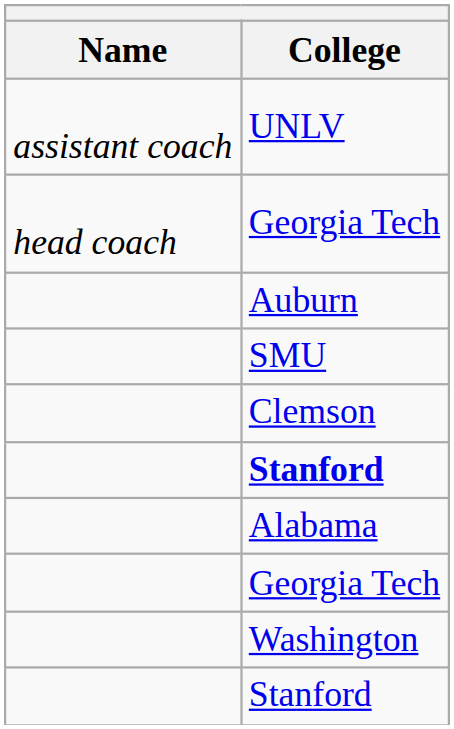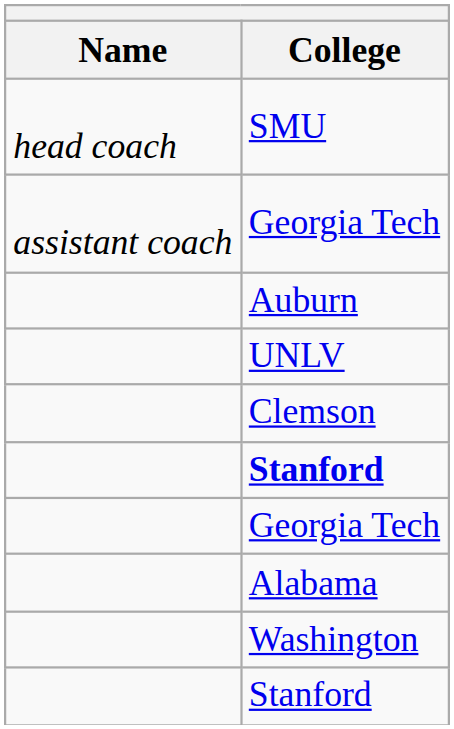 <table class="wikitable sortable">
 <tr>
 <th colspan=2></th>
 </tr>
 <tr>
 <th>Name</th>
 <th>College</th>
 </tr>
 <tr>
-<td><br><em>assistant coach</em></td>
-<td><a href='#'>UNLV</a></td>
+<td><br><em>head coach</em></td>
+<td><a href='#'>SMU</a></td>
 </tr>
 <tr>
-<td><br><em>head coach</em></td>
+<td><br><em>assistant coach</em></td>
 <td><a href='#'>Georgia Tech</a></td>
 </tr>
 <tr>
 <td></td>
 <td><a href='#'>Auburn</a></td>
 </tr>
 <tr>
 <td></td>
-<td><a href='#'>SMU</a></td>
+<td><a href='#'>UNLV</a></td>
 </tr>
 <tr>
 <td></td>
 <td><a href='#'>Clemson</a></td>
 </tr>
 <tr>
 <td></td>
 <td><strong><a href='#'>Stanford</a></strong></td>
 </tr>
 <tr>
 <td></td>
-<td><a href='#'>Alabama</a></td>
+<td><a href='#'>Georgia Tech</a></td>
 </tr>
 <tr>
 <td></td>
-<td><a href='#'>Georgia Tech</a></td>
+<td><a href='#'>Alabama</a></td>
 </tr>
 <tr>
 <td></td>
 <td><a href='#'>Washington</a></td>
 </tr>
 <tr>
 <td></td>
 <td><a href='#'>Stanford</a></td>
 </tr>
 </table>
